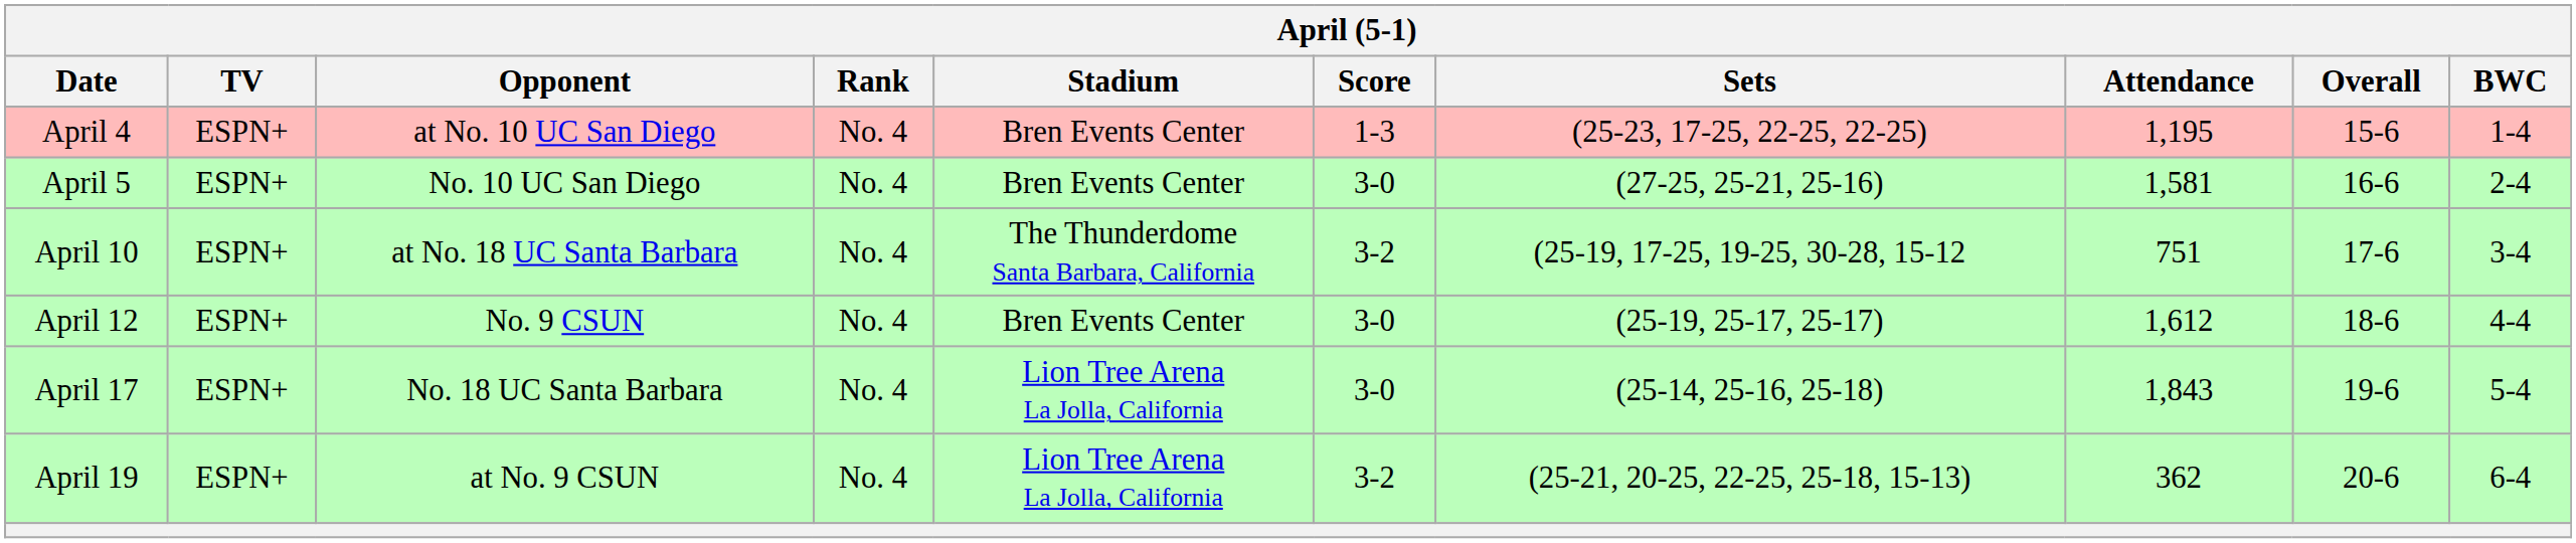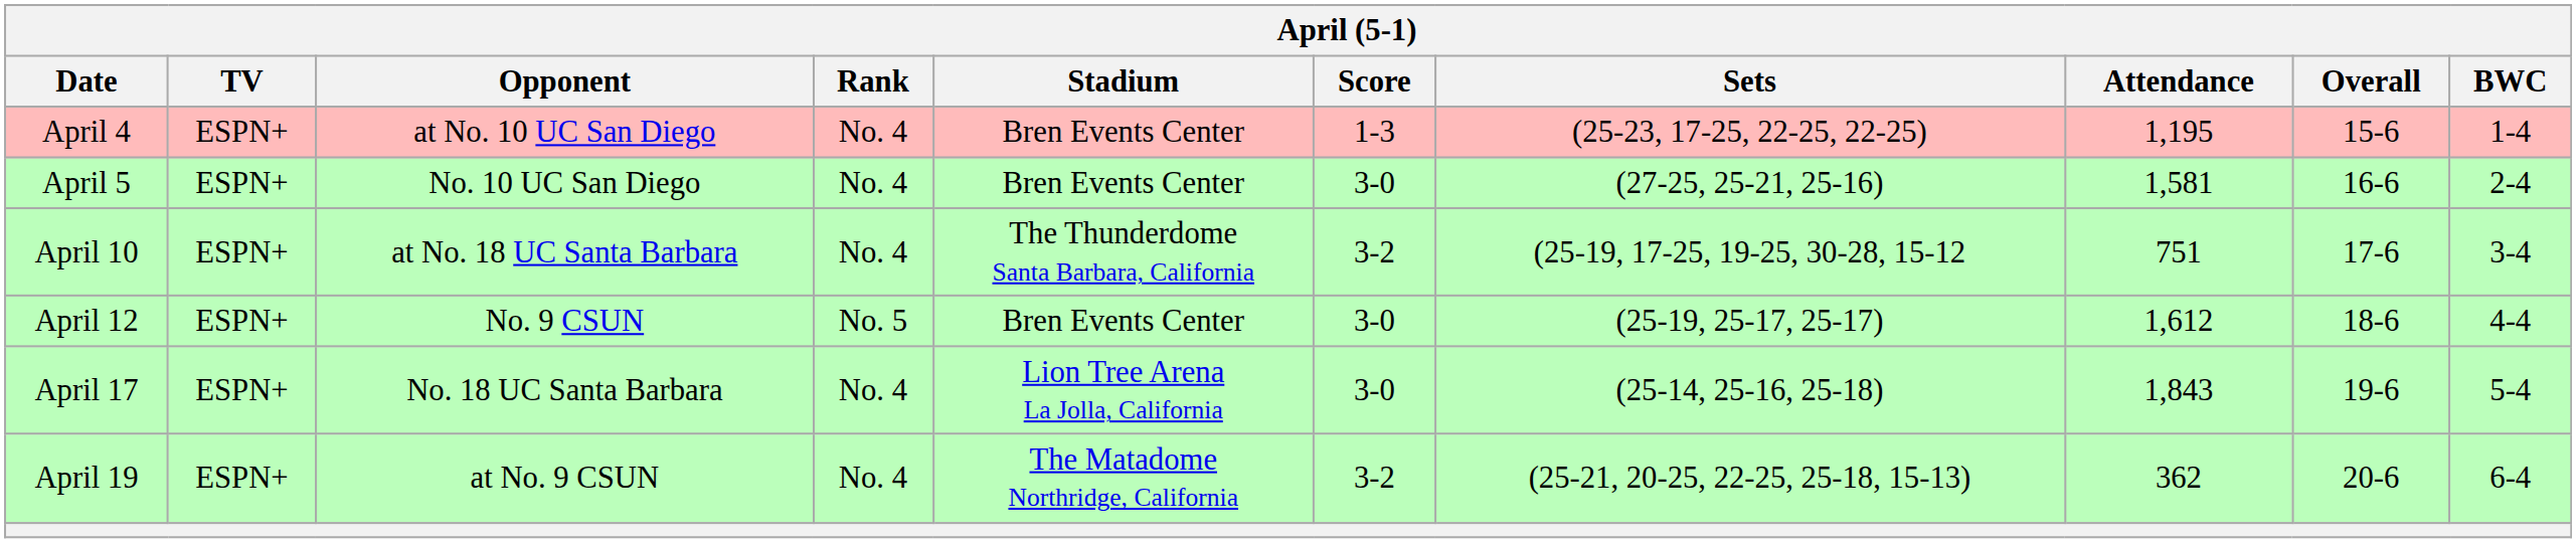 <table class="wikitable collapsible collapsed" style="margin:auto; width:100%; text-align:center; font-size:95%">
 <tr>
 <th colspan=12 style="padding-left:4em;">April (5-1)</th>
 </tr>
 <tr>
 <th bgcolor="#DDDDFF">Date</th>
 <th bgcolor="#DDDDFF">TV</th>
 <th bgcolor="#DDDDFF">Opponent</th>
 <th bgcolor="#DDDDFF">Rank</th>
 <th bgcolor="#DDDDFF">Stadium</th>
 <th bgcolor="#DDDDFF">Score</th>
 <th bgcolor="#DDDDFF">Sets</th>
 <th bgcolor="#DDDDFF">Attendance</th>
 <th bgcolor="#DDDDFF">Overall</th>
 <th bgcolor="#DDDDFF">BWC</th>
 </tr>
 <tr bgcolor="ffbbbb">
 <td>April 4</td>
 <td>ESPN+</td>
 <td>at No. 10 <a href='#'>UC San Diego</a></td>
 <td>No. 4</td>
 <td>Bren Events Center</td>
 <td>1-3</td>
 <td>(25-23, 17-25, 22-25, 22-25)</td>
 <td>1,195</td>
 <td>15-6</td>
 <td>1-4</td>
 </tr>
 <tr bgcolor="bbffbb">
 <td>April 5</td>
 <td>ESPN+</td>
 <td>No. 10 UC San Diego</td>
 <td>No. 4</td>
 <td>Bren Events Center</td>
 <td>3-0</td>
 <td>(27-25, 25-21, 25-16)</td>
 <td>1,581</td>
 <td>16-6</td>
 <td>2-4</td>
 </tr>
 <tr bgcolor="bbffbb">
 <td>April 10</td>
 <td>ESPN+</td>
 <td>at No. 18 <a href='#'>UC Santa Barbara</a></td>
 <td>No. 4</td>
 <td>The Thunderdome <br><small><a href='#'>Santa Barbara, California</a></small></td>
 <td>3-2</td>
 <td>(25-19, 17-25, 19-25, 30-28, 15-12</td>
 <td>751</td>
 <td>17-6</td>
 <td>3-4</td>
 </tr>
 <tr bgcolor="bbffbb">
 <td>April 12</td>
 <td>ESPN+</td>
 <td>No. 9 <a href='#'>CSUN</a></td>
-<td>No. 4</td>
+<td>No. 5</td>
 <td>Bren Events Center</td>
 <td>3-0</td>
 <td>(25-19, 25-17, 25-17)</td>
 <td>1,612</td>
 <td>18-6</td>
 <td>4-4</td>
 </tr>
 <tr bgcolor="bbffbb">
 <td>April 17</td>
 <td>ESPN+</td>
 <td>No. 18 UC Santa Barbara</td>
 <td>No. 4</td>
 <td><a href='#'>Lion Tree Arena</a><br><small><a href='#'>La Jolla, California</a></small></td>
 <td>3-0</td>
 <td>(25-14, 25-16, 25-18)</td>
 <td>1,843</td>
 <td>19-6</td>
 <td>5-4</td>
 </tr>
 <tr bgcolor="bbffbb">
 <td>April 19</td>
 <td>ESPN+</td>
 <td>at No. 9 CSUN</td>
 <td>No. 4</td>
-<td><a href='#'>Lion Tree Arena</a><br><small><a href='#'>La Jolla, California</a></small></td>
+<td><a href='#'>The Matadome</a><br><small><a href='#'>Northridge, California</a></small></td>
 <td>3-2</td>
 <td>(25-21, 20-25, 22-25, 25-18, 15-13)</td>
 <td>362</td>
 <td>20-6</td>
 <td>6-4</td>
 </tr>
 <tr>
 <th colspan=14 style="padding-left:4em;"></th>
 </tr>
 </table>
